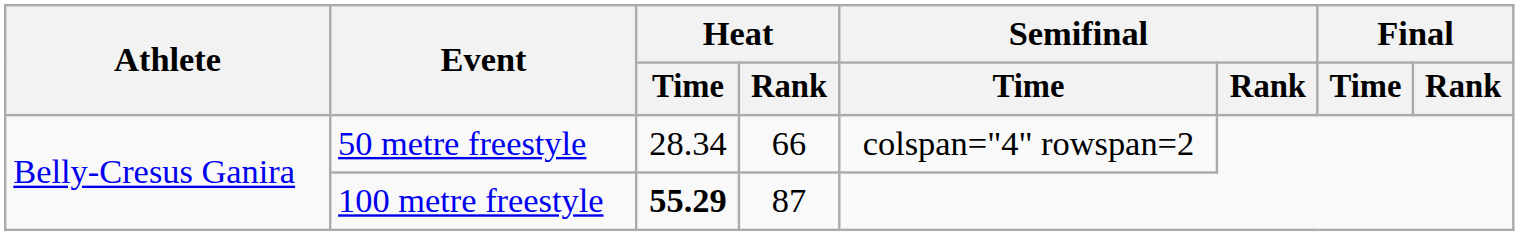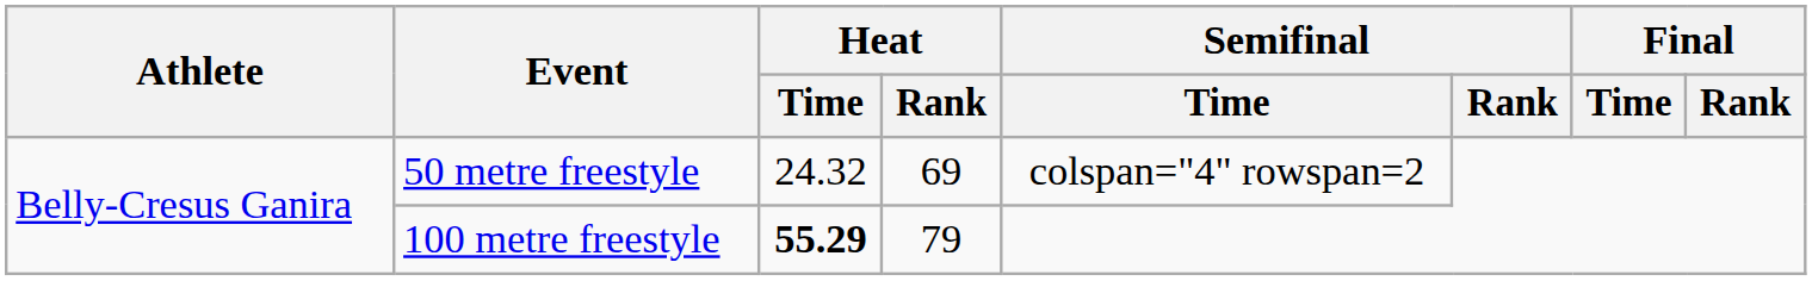 <table class="wikitable" style="text-align:center; font-size:90%; width:50%;">
 <tr>
 <th rowspan="2">Athlete</th>
 <th rowspan="2">Event</th>
 <th colspan="2">Heat</th>
 <th colspan="2">Semifinal</th>
 <th colspan="2">Final</th>
 </tr>
 <tr style="font-size:95%">
 <th>Time</th>
 <th>Rank</th>
 <th>Time</th>
 <th>Rank</th>
 <th>Time</th>
 <th>Rank</th>
 </tr>
 <tr>
 <td align=left rowspan=2><a href='#'>Belly-Cresus Ganira</a></td>
 <td align=left><a href='#'>50 metre freestyle</a></td>
-<td>28.34</td>
-<td>66</td>
+<td>24.32</td>
+<td>69</td>
 <td>colspan="4" rowspan=2</td>
 </tr>
 <tr>
 <td align=left><a href='#'>100 metre freestyle</a></td>
 <td><strong>55.29</strong></td>
-<td>87</td>
+<td>79</td>
 </tr>
 </table>
